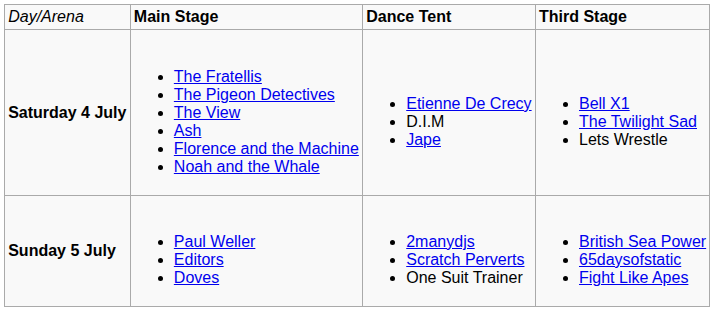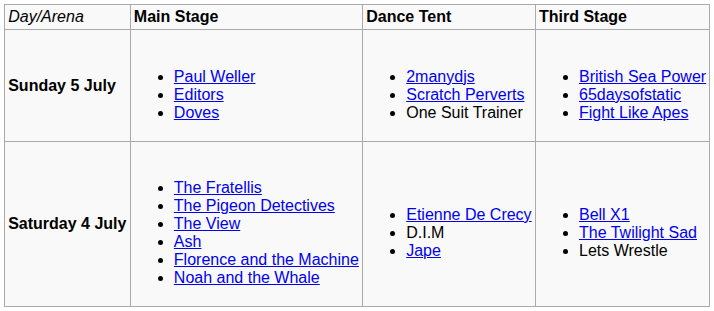 <table class="wikitable" border="1">
 <tr>
 <td><em>Day/Arena</em></td>
 <td><strong>Main Stage</strong></td>
 <td><strong>Dance Tent</strong></td>
 <td><strong>Third Stage</strong></td>
 </tr>
 <tr>
+<td><strong>Sunday 5 July</strong></td>
+<td><br><ul><li><a href='#'>Paul Weller</a></li><li><a href='#'>Editors</a></li><li><a href='#'>Doves</a></li></ul></td>
+<td><br><ul><li><a href='#'>2manydjs</a></li><li><a href='#'>Scratch Perverts</a></li><li>One Suit Trainer</li></ul></td>
+<td><br><ul><li><a href='#'>British Sea Power</a></li><li><a href='#'>65daysofstatic</a></li><li><a href='#'>Fight Like Apes</a></li></ul></td>
+</tr>
+<tr>
 <td><strong>Saturday 4 July</strong></td>
 <td><br><ul><li><a href='#'>The Fratellis</a></li><li><a href='#'>The Pigeon Detectives</a></li><li><a href='#'>The View</a></li><li><a href='#'>Ash</a></li><li><a href='#'>Florence and the Machine</a></li><li><a href='#'>Noah and the Whale</a></li></ul></td>
 <td><br><ul><li><a href='#'>Etienne De Crecy</a></li><li>D.I.M</li><li><a href='#'>Jape</a></li></ul></td>
 <td><br><ul><li><a href='#'>Bell X1</a></li><li><a href='#'>The Twilight Sad</a></li><li>Lets Wrestle</li></ul></td>
 </tr>
 <tr>
-<td><strong>Sunday 5 July</strong></td>
-<td><br><ul><li><a href='#'>Paul Weller</a></li><li><a href='#'>Editors</a></li><li><a href='#'>Doves</a></li></ul></td>
-<td><br><ul><li><a href='#'>2manydjs</a></li><li><a href='#'>Scratch Perverts</a></li><li>One Suit Trainer</li></ul></td>
-<td><br><ul><li><a href='#'>British Sea Power</a></li><li><a href='#'>65daysofstatic</a></li><li><a href='#'>Fight Like Apes</a></li></ul></td>
-</tr>
-<tr>
 </tr>
 </table>
